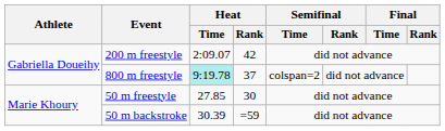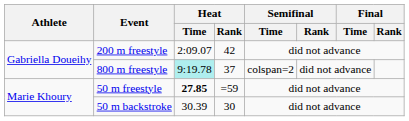 <table class="wikitable" style="text-align:center; font-size:90%">
 <tr>
 <th rowspan="2">Athlete</th>
 <th rowspan="2">Event</th>
 <th colspan="2">Heat</th>
 <th colspan="2">Semifinal</th>
 <th colspan="2">Final</th>
 </tr>
 <tr style="font-size:95%">
 <th>Time</th>
 <th>Rank</th>
 <th>Time</th>
 <th>Rank</th>
 <th>Time</th>
 <th>Rank</th>
 </tr>
 <tr>
 <td align=left rowspan=2><a href='#'>Gabriella Doueihy</a></td>
 <td align=left><a href='#'>200 m freestyle</a></td>
 <td>2:09.07</td>
 <td>42</td>
 <td colspan=4>did not advance</td>
 </tr>
 <tr>
 <td align=left><a href='#'>800 m freestyle</a></td>
 <td style="background: paleturquoise;">9:19.78</td>
 <td>37</td>
 <td>colspan=2 </td>
 <td colspan=2>did not advance</td>
 </tr>
 <tr>
 <td align=left rowspan=2><a href='#'>Marie Khoury</a></td>
 <td align=left><a href='#'>50 m freestyle</a></td>
-<td>27.85</td>
-<td>30</td>
+<td><strong>27.85</strong></td>
+<td>=59</td>
 <td colspan=4>did not advance</td>
 </tr>
 <tr>
 <td align=left><a href='#'>50 m backstroke</a></td>
 <td>30.39</td>
-<td>=59</td>
+<td>30</td>
 <td colspan=4>did not advance</td>
 </tr>
 </table>
